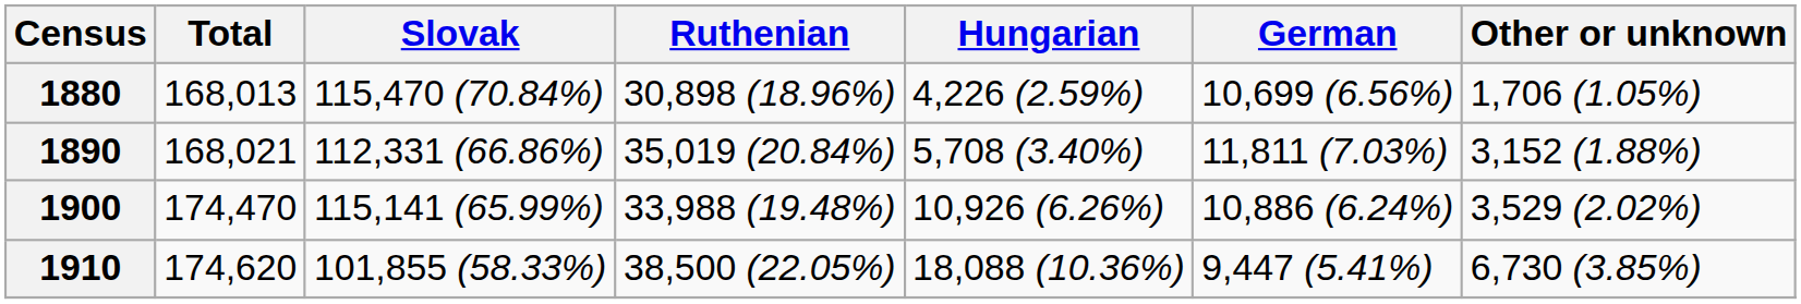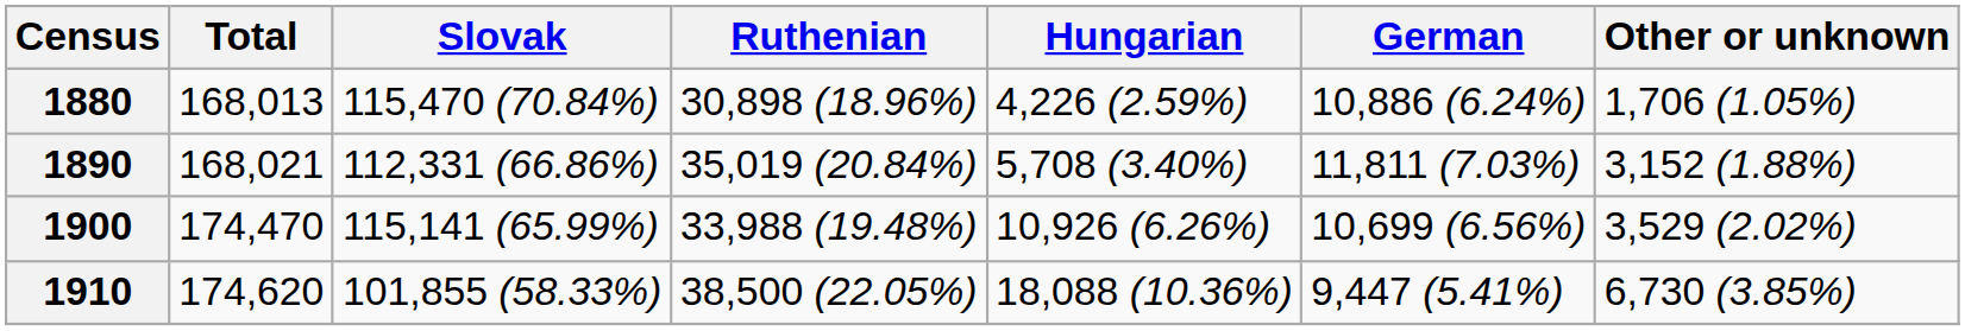 <table class="wikitable">
 <tr>
 <th>Census</th>
 <th>Total</th>
 <th><a href='#'>Slovak</a></th>
 <th><a href='#'>Ruthenian</a></th>
 <th><a href='#'>Hungarian</a></th>
 <th><a href='#'>German</a></th>
 <th>Other or unknown</th>
 </tr>
 <tr>
 <th>1880</th>
 <td>168,013</td>
 <td>115,470 <em>(70.84%)</em></td>
 <td>30,898 <em>(18.96%)</em></td>
 <td>4,226 <em>(2.59%)</em></td>
-<td>10,699 <em>(6.56%)</em></td>
+<td>10,886 <em>(6.24%)</em></td>
 <td>1,706 <em>(1.05%)</em></td>
 </tr>
 <tr>
 <th>1890</th>
 <td>168,021</td>
 <td>112,331 <em>(66.86%)</em></td>
 <td>35,019 <em>(20.84%)</em></td>
 <td>5,708 <em>(3.40%)</em></td>
 <td>11,811 <em>(7.03%)</em></td>
 <td>3,152 <em>(1.88%)</em></td>
 </tr>
 <tr>
 <th>1900</th>
 <td>174,470</td>
 <td>115,141 <em>(65.99%)</em></td>
 <td>33,988 <em>(19.48%)</em></td>
 <td>10,926 <em>(6.26%)</em></td>
-<td>10,886 <em>(6.24%)</em></td>
+<td>10,699 <em>(6.56%)</em></td>
 <td>3,529 <em>(2.02%)</em></td>
 </tr>
 <tr>
 <th>1910</th>
 <td>174,620</td>
 <td>101,855 <em>(58.33%)</em></td>
 <td>38,500 <em>(22.05%)</em></td>
 <td>18,088 <em>(10.36%)</em></td>
 <td>9,447 <em>(5.41%)</em></td>
 <td>6,730 <em>(3.85%)</em></td>
 </tr>
 <tr>
 </tr>
 </table>
